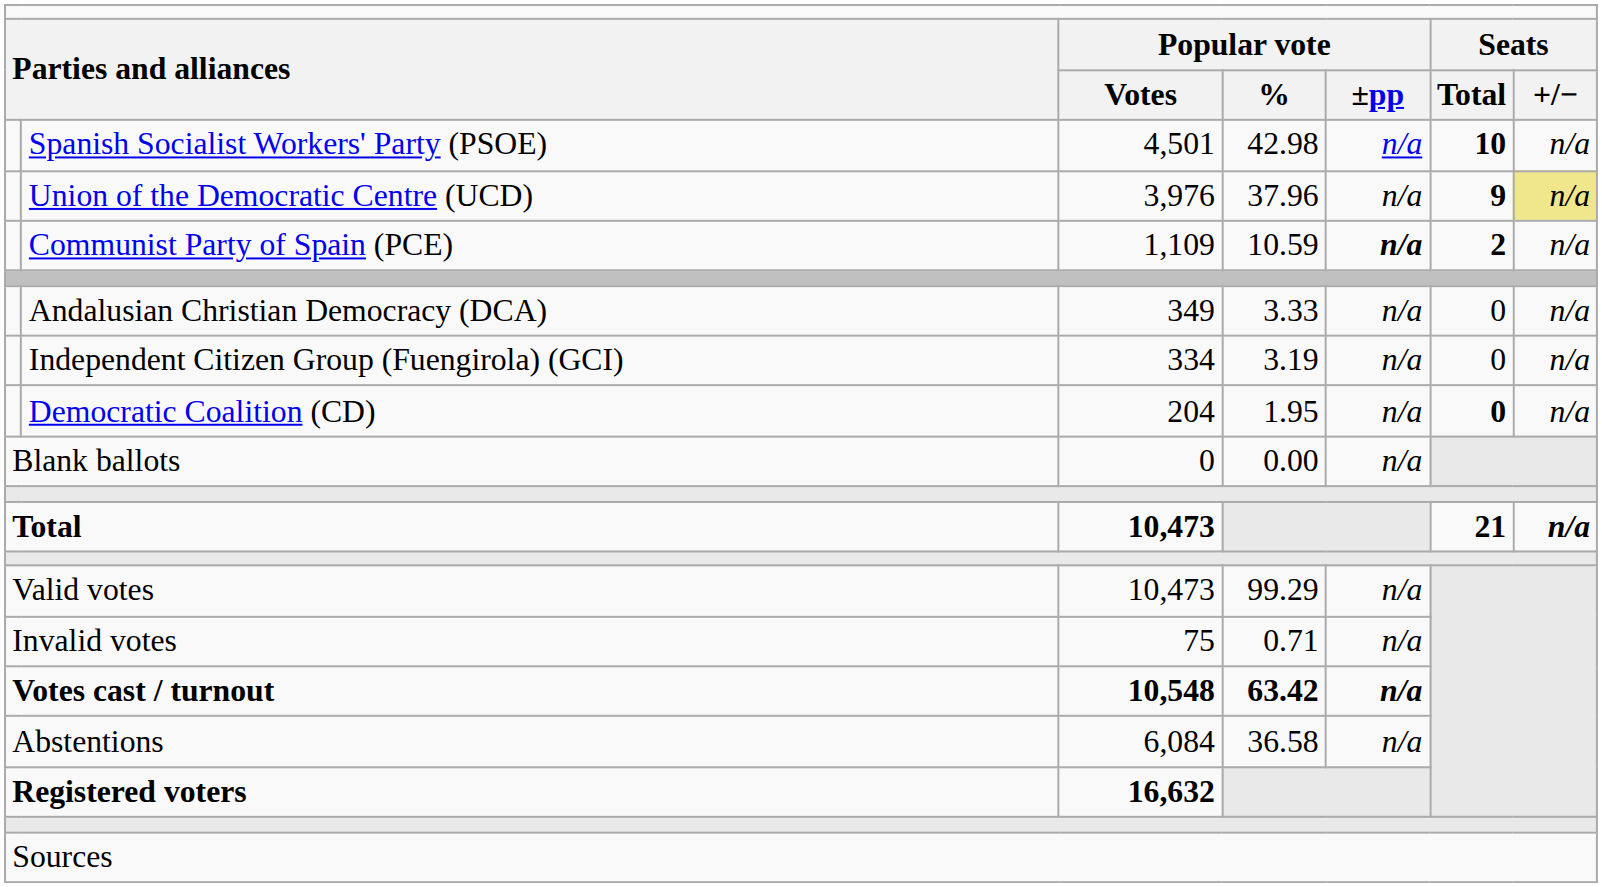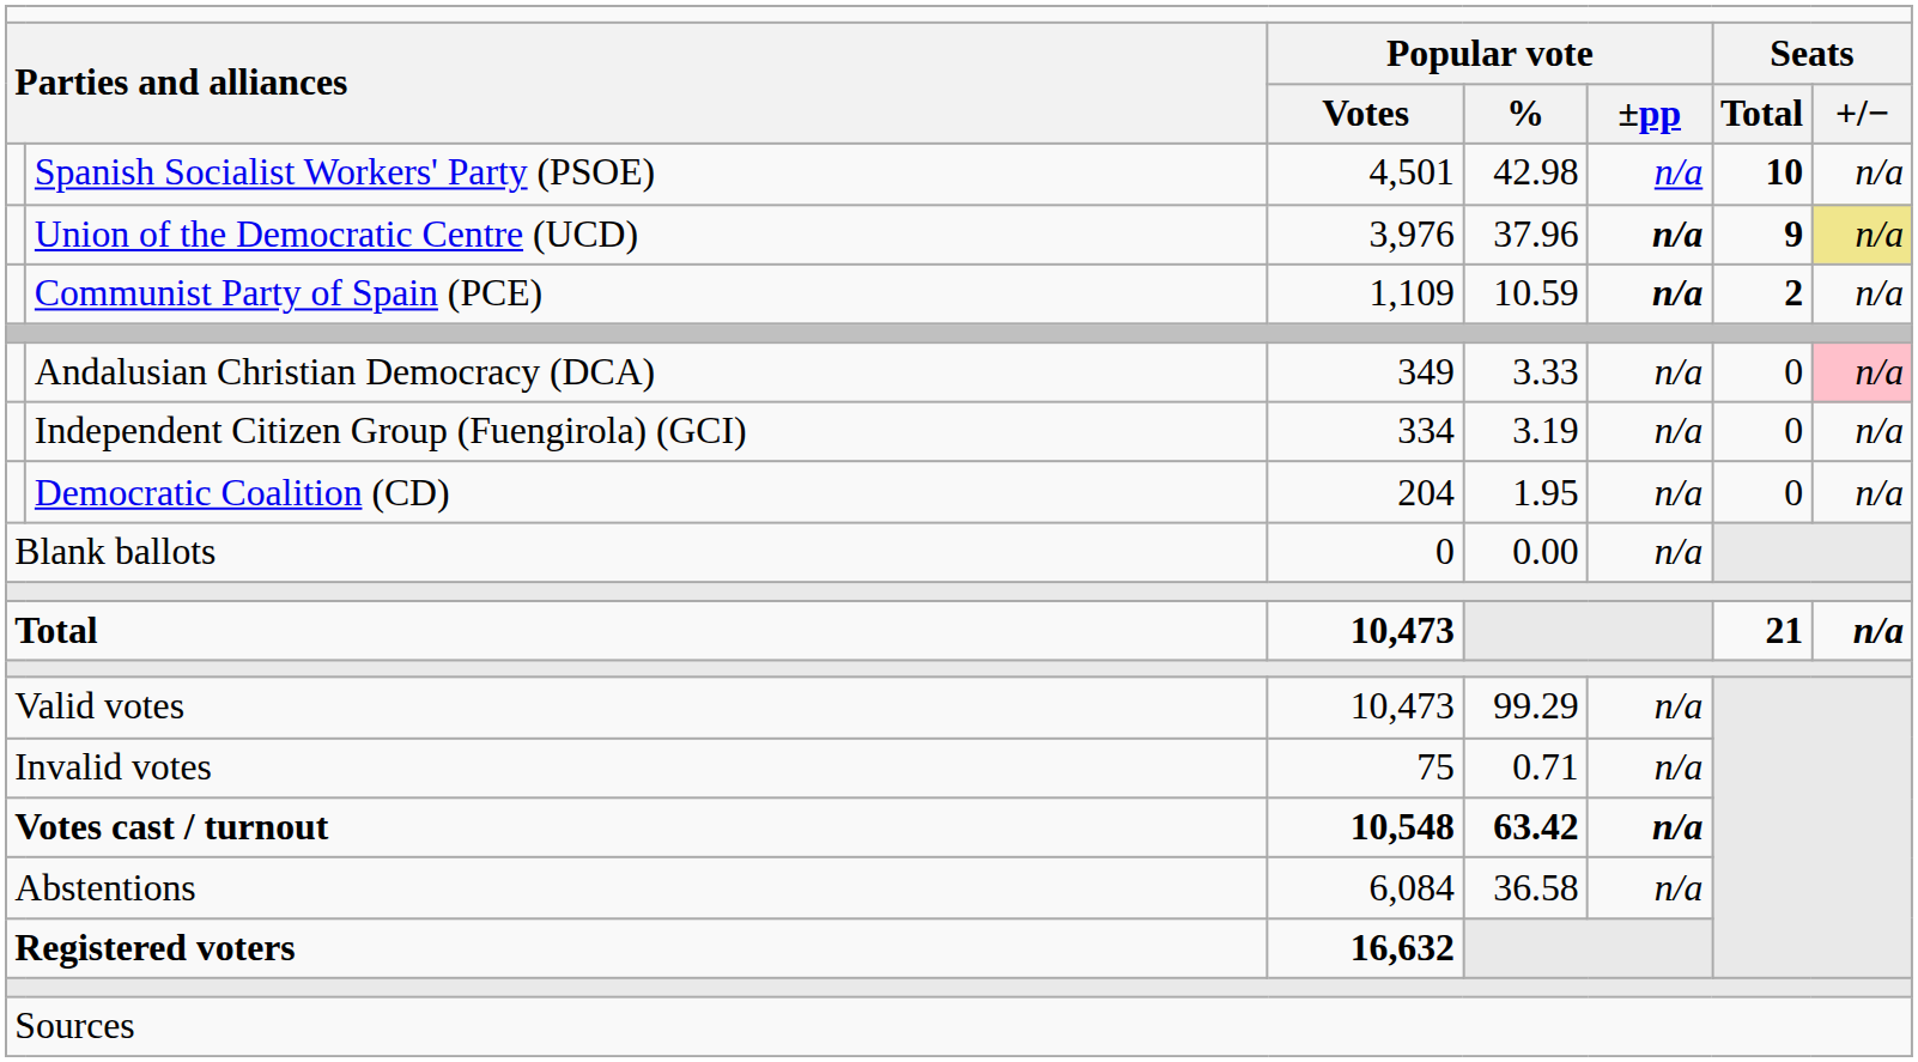 <table class="wikitable" style="text-align:right;">
 <tr>
 <td colspan="7"></td>
 </tr>
 <tr>
 <th style="text-align:left;" rowspan="2" colspan="2" width="525">Parties and alliances</th>
 <th colspan="3">Popular vote</th>
 <th colspan="2">Seats</th>
 </tr>
 <tr>
 <th width="75">Votes</th>
 <th width="45">%</th>
 <th width="45">±<a href='#'>pp</a></th>
 <th width="35">Total</th>
 <th width="35">+/−</th>
 </tr>
 <tr>
 <td width="1" style="color:inherit;background:"></td>
 <td align="left"><a href='#'>Spanish Socialist Workers' Party</a> (PSOE)</td>
 <td>4,501</td>
 <td>42.98</td>
 <td><em><a href='#'>n/a</a></em></td>
 <td><strong>10</strong></td>
 <td><em>n/a</em></td>
 </tr>
 <tr>
 <td style="color:inherit;background:"></td>
 <td align="left"><a href='#'>Union of the Democratic Centre</a> (UCD)</td>
 <td>3,976</td>
 <td>37.96</td>
-<td><em>n/a</em></td>
+<td><strong><em>n/a</em></strong></td>
 <td><strong>9</strong></td>
 <td style="background: khaki;"><em>n/a</em></td>
 </tr>
 <tr>
 <td style="color:inherit;background:"></td>
 <td align="left"><a href='#'>Communist Party of Spain</a> (PCE)</td>
 <td>1,109</td>
 <td>10.59</td>
 <td><strong><em>n/a</em></strong></td>
 <td><strong>2</strong></td>
 <td><em>n/a</em></td>
 </tr>
 <tr>
 <td colspan="7" bgcolor="#C0C0C0"></td>
 </tr>
 <tr>
 <td style="color:inherit;background:"></td>
 <td align="left">Andalusian Christian Democracy (DCA)</td>
 <td>349</td>
 <td>3.33</td>
 <td><em>n/a</em></td>
 <td>0</td>
-<td><em>n/a</em></td>
+<td style="background: pink;"><em>n/a</em></td>
 </tr>
 <tr>
 <td style="color:inherit;background:"></td>
 <td align="left">Independent Citizen Group (Fuengirola) (GCI)</td>
 <td>334</td>
 <td>3.19</td>
 <td><em>n/a</em></td>
 <td>0</td>
 <td><em>n/a</em></td>
 </tr>
 <tr>
 <td style="color:inherit;background:"></td>
 <td align="left"><a href='#'>Democratic Coalition</a> (CD)</td>
 <td>204</td>
 <td>1.95</td>
 <td><em>n/a</em></td>
-<td><strong>0</strong></td>
+<td>0</td>
 <td><em>n/a</em></td>
 </tr>
 <tr>
 <td align="left" colspan="2">Blank ballots</td>
 <td>0</td>
 <td>0.00</td>
 <td><em>n/a</em></td>
 <td bgcolor="#E9E9E9" colspan="2"></td>
 </tr>
 <tr>
 <td colspan="7" bgcolor="#E9E9E9"></td>
 </tr>
 <tr style="font-weight:bold;">
 <td align="left" colspan="2">Total</td>
 <td>10,473</td>
 <td bgcolor="#E9E9E9" colspan="2"></td>
 <td>21</td>
 <td><em>n/a</em></td>
 </tr>
 <tr>
 <td colspan="7" bgcolor="#E9E9E9"></td>
 </tr>
 <tr>
 <td align="left" colspan="2">Valid votes</td>
 <td>10,473</td>
 <td>99.29</td>
 <td><em>n/a</em></td>
 <td bgcolor="#E9E9E9" colspan="2" rowspan="5"></td>
 </tr>
 <tr>
 <td align="left" colspan="2">Invalid votes</td>
 <td>75</td>
 <td>0.71</td>
 <td><em>n/a</em></td>
 </tr>
 <tr style="font-weight:bold;">
 <td align="left" colspan="2">Votes cast / turnout</td>
 <td>10,548</td>
 <td>63.42</td>
 <td><em>n/a</em></td>
 </tr>
 <tr>
 <td align="left" colspan="2">Abstentions</td>
 <td>6,084</td>
 <td>36.58</td>
 <td><em>n/a</em></td>
 </tr>
 <tr style="font-weight:bold;">
 <td align="left" colspan="2">Registered voters</td>
 <td>16,632</td>
 <td bgcolor="#E9E9E9" colspan="2"></td>
 </tr>
 <tr>
 <td colspan="7" bgcolor="#E9E9E9"></td>
 </tr>
 <tr>
 <td align="left" colspan="7">Sources</td>
 </tr>
 </table>
